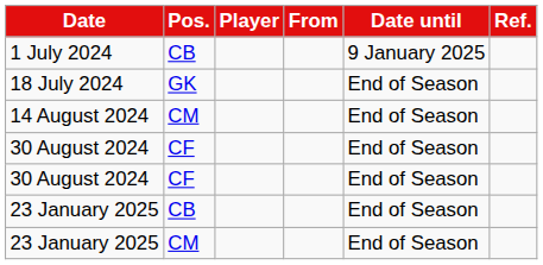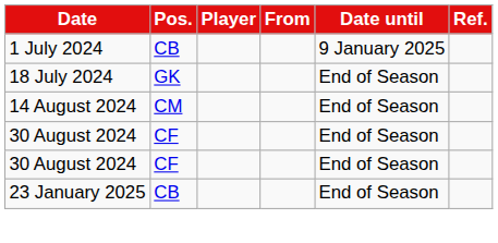 <table class="wikitable plainrowheaders sortable">
 <tr>
 <th style="background:#e20e0e;color:white;">Date</th>
 <th style="background:#e20e0e;color:white;">Pos.</th>
 <th style="background:#e20e0e;color:white;">Player</th>
 <th style="background:#e20e0e;color:white;">From</th>
 <th style="background:#e20e0e;color:white;">Date until</th>
 <th style="background:#e20e0e;color:white;">Ref.</th>
 </tr>
 <tr>
 <td>1 July 2024</td>
 <td><a href='#'>CB</a></td>
 <td></td>
 <td></td>
 <td>9 January 2025</td>
 <td></td>
 </tr>
 <tr>
 <td>18 July 2024</td>
 <td><a href='#'>GK</a></td>
 <td></td>
 <td></td>
 <td>End of Season</td>
 <td></td>
 </tr>
 <tr>
 <td>14 August 2024</td>
 <td><a href='#'>CM</a></td>
 <td></td>
 <td></td>
 <td>End of Season</td>
 <td></td>
 </tr>
 <tr>
 <td>30 August 2024</td>
 <td><a href='#'>CF</a></td>
 <td></td>
 <td></td>
 <td>End of Season</td>
 <td></td>
 </tr>
 <tr>
 <td>30 August 2024</td>
 <td><a href='#'>CF</a></td>
 <td></td>
 <td></td>
 <td>End of Season</td>
 <td></td>
 </tr>
 <tr>
 <td>23 January 2025</td>
 <td><a href='#'>CB</a></td>
 <td></td>
 <td></td>
 <td>End of Season</td>
 <td></td>
 </tr>
-<tr>
-<td>23 January 2025</td>
-<td><a href='#'>CM</a></td>
-<td></td>
-<td></td>
-<td>End of Season</td>
-<td></td>
-</tr>
 </table>
